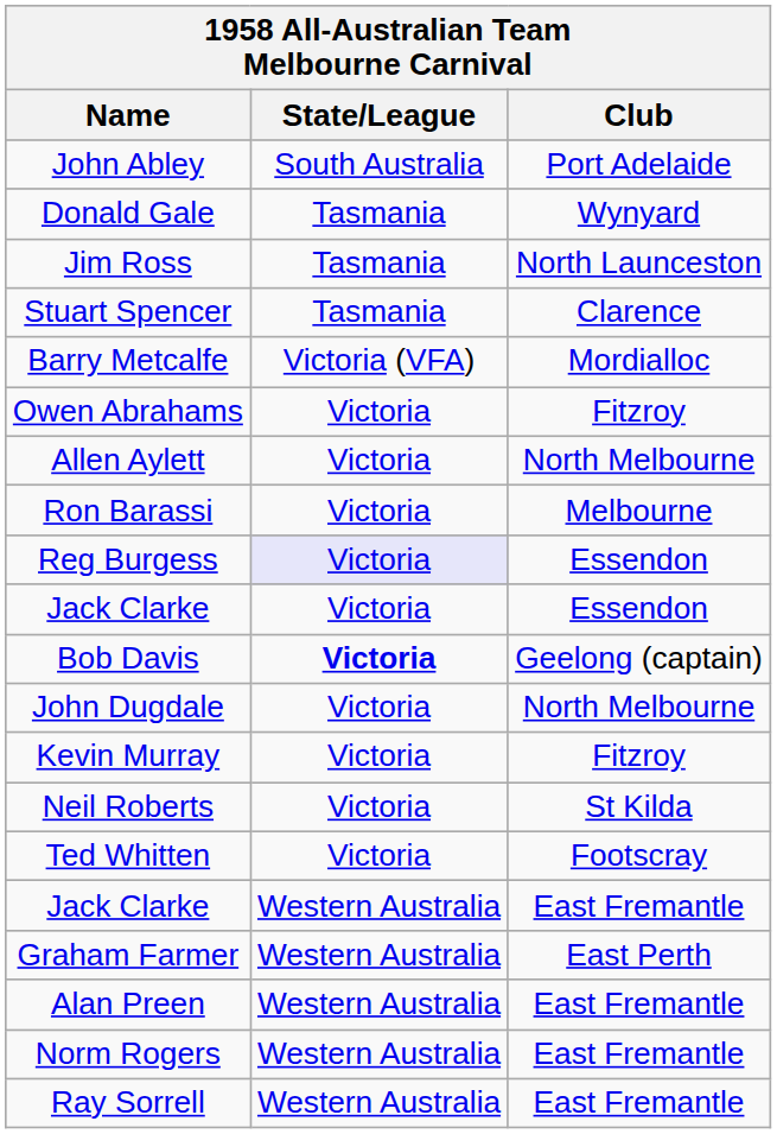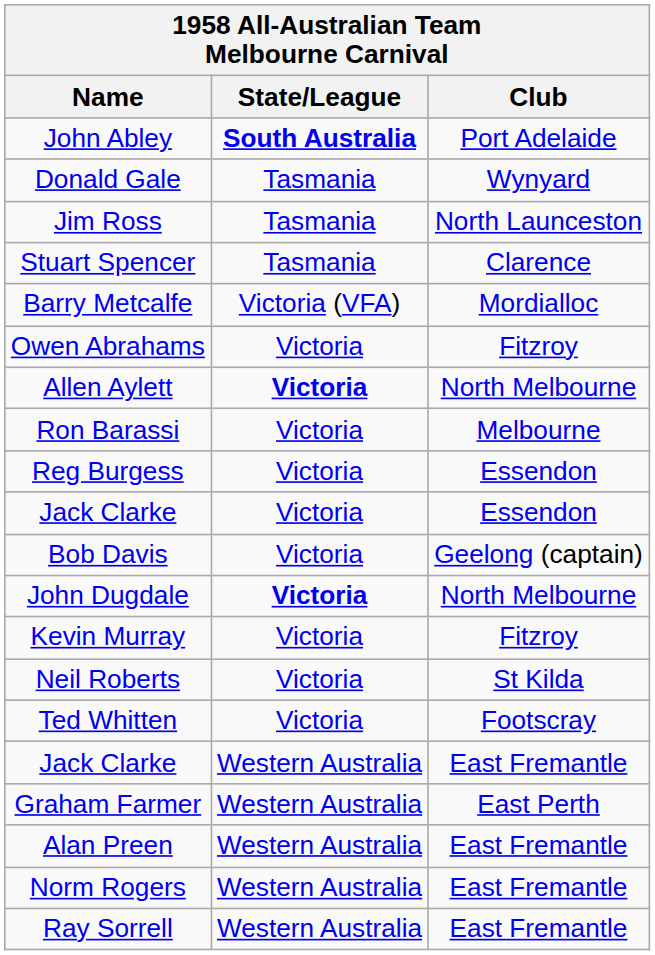 <table class="wikitable" style="text-align: center">
 <tr>
 <th colspan="10">1958 All-Australian Team<br>Melbourne Carnival</th>
 </tr>
 <tr>
 <th>Name</th>
 <th>State/League</th>
 <th>Club</th>
 </tr>
 <tr>
 <td><a href='#'>John Abley</a></td>
-<td><a href='#'>South Australia</a></td>
+<td><strong><a href='#'>South Australia</a></strong></td>
 <td><a href='#'>Port Adelaide</a></td>
 </tr>
 <tr>
 <td><a href='#'>Donald Gale</a></td>
 <td><a href='#'>Tasmania</a></td>
 <td><a href='#'>Wynyard</a></td>
 </tr>
 <tr>
 <td><a href='#'>Jim Ross</a></td>
 <td><a href='#'>Tasmania</a></td>
 <td><a href='#'>North Launceston</a></td>
 </tr>
 <tr>
 <td><a href='#'>Stuart Spencer</a></td>
 <td><a href='#'>Tasmania</a></td>
 <td><a href='#'>Clarence</a></td>
 </tr>
 <tr>
 <td><a href='#'>Barry Metcalfe</a></td>
 <td><a href='#'>Victoria</a> (<a href='#'>VFA</a>)</td>
 <td><a href='#'>Mordialloc</a></td>
 </tr>
 <tr>
 <td><a href='#'>Owen Abrahams</a></td>
 <td><a href='#'>Victoria</a></td>
 <td><a href='#'>Fitzroy</a></td>
 </tr>
 <tr>
 <td><a href='#'>Allen Aylett</a></td>
-<td><a href='#'>Victoria</a></td>
+<td><strong><a href='#'>Victoria</a></strong></td>
 <td><a href='#'>North Melbourne</a></td>
 </tr>
 <tr>
 <td><a href='#'>Ron Barassi</a></td>
 <td><a href='#'>Victoria</a></td>
 <td><a href='#'>Melbourne</a></td>
 </tr>
 <tr>
 <td><a href='#'>Reg Burgess</a></td>
-<td style="background: lavender;"><a href='#'>Victoria</a></td>
+<td><a href='#'>Victoria</a></td>
 <td><a href='#'>Essendon</a></td>
 </tr>
 <tr>
 <td><a href='#'>Jack Clarke</a></td>
 <td><a href='#'>Victoria</a></td>
 <td><a href='#'>Essendon</a></td>
 </tr>
 <tr>
 <td><a href='#'>Bob Davis</a></td>
-<td><strong><a href='#'>Victoria</a></strong></td>
+<td><a href='#'>Victoria</a></td>
 <td><a href='#'>Geelong</a> (captain)</td>
 </tr>
 <tr>
 <td><a href='#'>John Dugdale</a></td>
-<td><a href='#'>Victoria</a></td>
+<td><strong><a href='#'>Victoria</a></strong></td>
 <td><a href='#'>North Melbourne</a></td>
 </tr>
 <tr>
 <td><a href='#'>Kevin Murray</a></td>
 <td><a href='#'>Victoria</a></td>
 <td><a href='#'>Fitzroy</a></td>
 </tr>
 <tr>
 <td><a href='#'>Neil Roberts</a></td>
 <td><a href='#'>Victoria</a></td>
 <td><a href='#'>St Kilda</a></td>
 </tr>
 <tr>
 <td><a href='#'>Ted Whitten</a></td>
 <td><a href='#'>Victoria</a></td>
 <td><a href='#'>Footscray</a></td>
 </tr>
 <tr>
 <td><a href='#'>Jack Clarke</a></td>
 <td><a href='#'>Western Australia</a></td>
 <td><a href='#'>East Fremantle</a></td>
 </tr>
 <tr>
 <td><a href='#'>Graham Farmer</a></td>
 <td><a href='#'>Western Australia</a></td>
 <td><a href='#'>East Perth</a></td>
 </tr>
 <tr>
 <td><a href='#'>Alan Preen</a></td>
 <td><a href='#'>Western Australia</a></td>
 <td><a href='#'>East Fremantle</a></td>
 </tr>
 <tr>
 <td><a href='#'>Norm Rogers</a></td>
 <td><a href='#'>Western Australia</a></td>
 <td><a href='#'>East Fremantle</a></td>
 </tr>
 <tr>
 <td><a href='#'>Ray Sorrell</a></td>
 <td><a href='#'>Western Australia</a></td>
 <td><a href='#'>East Fremantle</a></td>
 </tr>
 </table>
